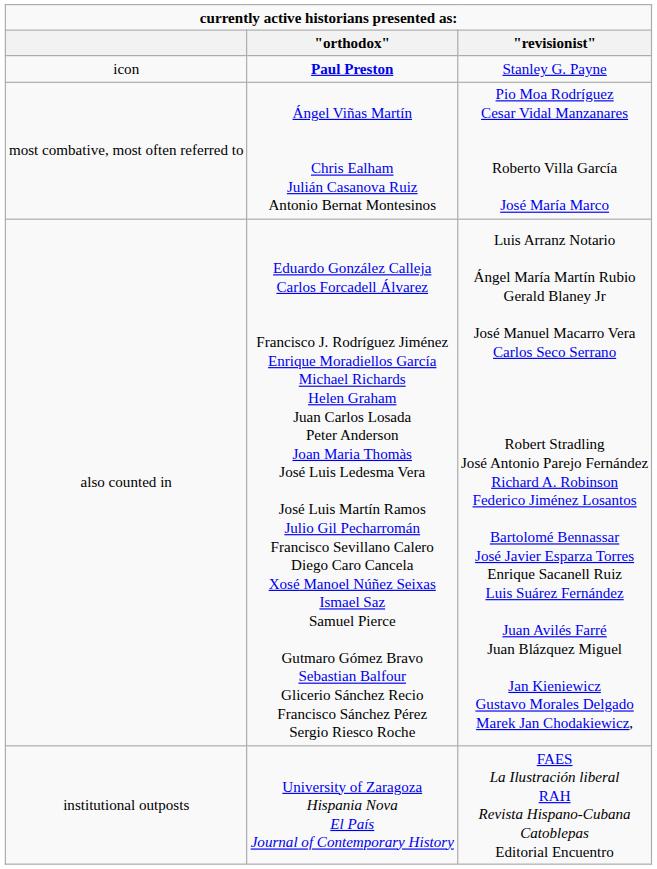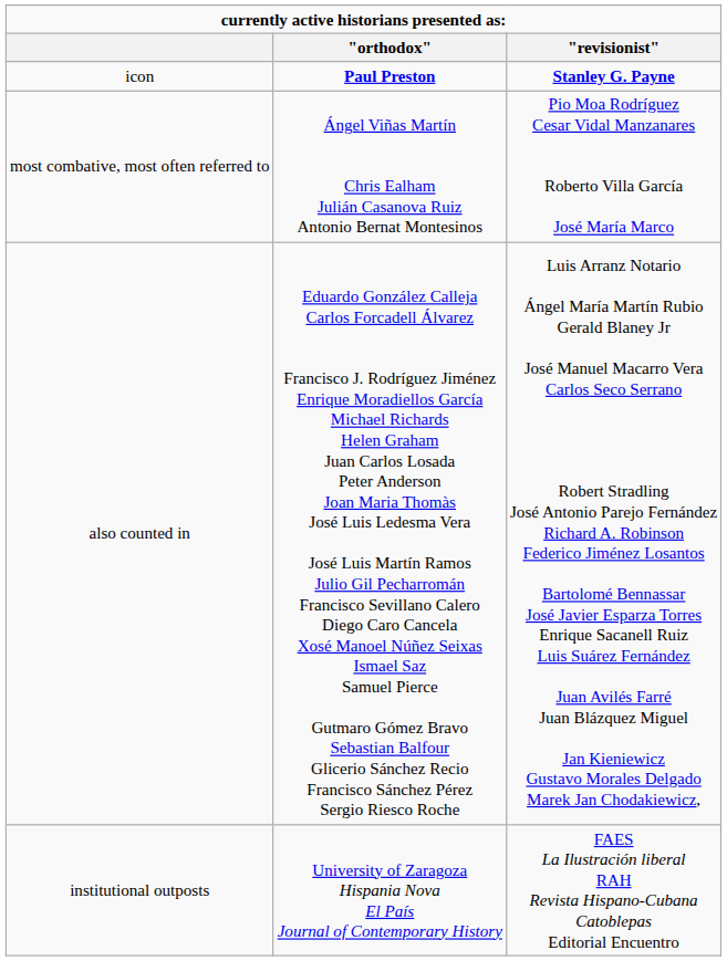 <table class=wikitable style="text-align:center; font-size:13px; float:center; margin:5px">
 <tr style="font-size: small;">
 <td colspan="12" style="text-align:center;"><strong>currently active historians presented as:</strong></td>
 </tr>
 <tr>
 <th></th>
 <th>"orthodox"</th>
 <th>"revisionist"</th>
 </tr>
 <tr>
 <td>icon</td>
 <td><strong><a href='#'>Paul Preston</a></strong></td>
-<td><a href='#'>Stanley G. Payne</a></td>
+<td><strong><a href='#'>Stanley G. Payne</a></strong></td>
 </tr>
 <tr>
 <td>most combative, most often referred to</td>
 <td><br><a href='#'>Ángel Viñas Martín</a><br><br><br><a href='#'>Chris Ealham</a><br><a href='#'>Julián Casanova Ruiz</a><br>Antonio Bernat Montesinos</td>
 <td><a href='#'>Pio Moa Rodríguez</a><br><a href='#'>Cesar Vidal Manzanares</a><br><br><br>Roberto Villa García<br><br><a href='#'>José María Marco</a></td>
 </tr>
 <tr>
 <td>also counted in</td>
 <td><br><br><a href='#'>Eduardo González Calleja</a><br><a href='#'>Carlos Forcadell Álvarez</a><br><br><br>Francisco J. Rodríguez Jiménez<br><a href='#'>Enrique Moradiellos García</a><br><a href='#'>Michael Richards</a> <br><a href='#'>Helen Graham</a><br>Juan Carlos Losada<br>Peter Anderson<br><a href='#'>Joan Maria Thomàs</a><br>José Luis Ledesma Vera<br><br>José Luis Martín Ramos<br><a href='#'>Julio Gil Pecharromán</a><br>Francisco Sevillano Calero<br>Diego Caro Cancela<br><a href='#'>Xosé Manoel Núñez Seixas</a><br><a href='#'>Ismael Saz</a><br>Samuel Pierce<br><br>Gutmaro Gómez Bravo<br><a href='#'>Sebastian Balfour</a><br>Glicerio Sánchez Recio<br>Francisco Sánchez Pérez<br>Sergio Riesco Roche</td>
 <td>Luis Arranz Notario<br><br>Ángel María Martín Rubio<br>Gerald Blaney Jr<br><br>José Manuel Macarro Vera<br><a href='#'>Carlos Seco Serrano</a><br><br><br><br><br>Robert Stradling<br>José Antonio Parejo Fernández<br><a href='#'>Richard A. Robinson</a><br><a href='#'>Federico Jiménez Losantos</a><br><br><a href='#'>Bartolomé Bennassar</a><br><a href='#'>José Javier Esparza Torres</a><br>Enrique Sacanell Ruiz<br><a href='#'>Luis Suárez Fernández</a><br><br><a href='#'>Juan Avilés Farré</a><br>Juan Blázquez Miguel<br><br><a href='#'>Jan Kieniewicz</a><br><a href='#'>Gustavo Morales Delgado</a><br><a href='#'>Marek Jan Chodakiewicz</a>,</td>
 </tr>
 <tr>
 <td>institutional outposts</td>
 <td><br><a href='#'>University of Zaragoza</a><br><em>Hispania Nova</em><br><em><a href='#'>El País</a></em><br><em><a href='#'>Journal of Contemporary History</a></em></td>
 <td><a href='#'>FAES</a><br><em>La Ilustración liberal</em><br><a href='#'>RAH</a><br><em>Revista Hispano-Cubana</em><br><em>Catoblepas</em><br>Editorial Encuentro</td>
 </tr>
 </table>
